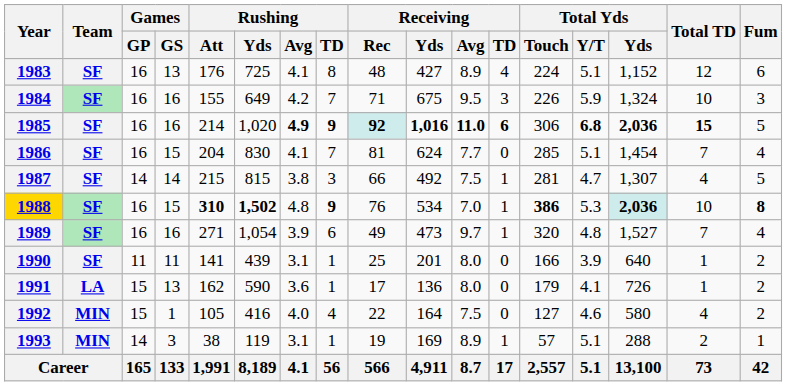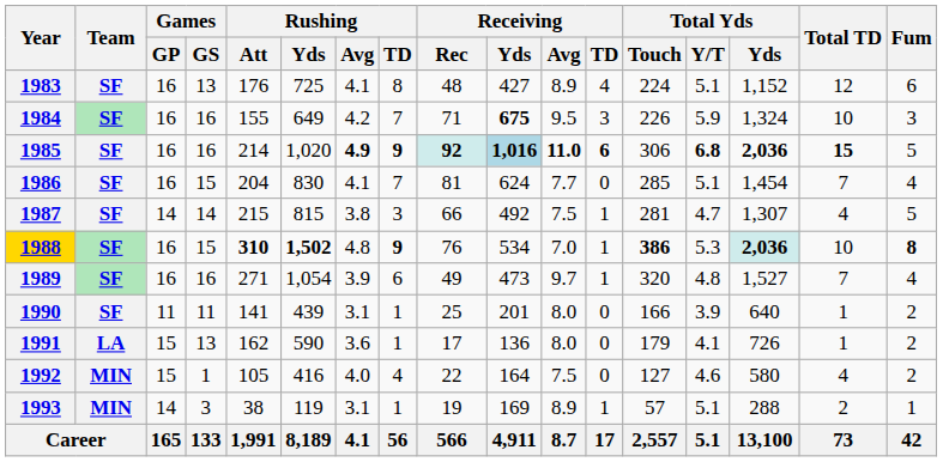 <table class="wikitable"style="text-align: center;">
 <tr>
 <th rowspan="2">Year</th>
 <th rowspan="2">Team</th>
 <th colspan="2">Games</th>
 <th colspan="4">Rushing</th>
 <th colspan="4">Receiving</th>
 <th colspan="3">Total Yds</th>
 <th rowspan="2">Total TD</th>
 <th rowspan="2">Fum</th>
 </tr>
 <tr>
 <th>GP</th>
 <th>GS</th>
 <th>Att</th>
 <th>Yds</th>
 <th>Avg</th>
 <th>TD</th>
 <th>Rec</th>
 <th>Yds</th>
 <th>Avg</th>
 <th>TD</th>
 <th>Touch</th>
 <th>Y/T</th>
 <th>Yds</th>
 </tr>
 <tr>
 <th><a href='#'>1983</a></th>
 <th><a href='#'>SF</a></th>
 <td>16</td>
 <td>13</td>
 <td>176</td>
 <td>725</td>
 <td>4.1</td>
 <td>8</td>
 <td>48</td>
 <td>427</td>
 <td>8.9</td>
 <td>4</td>
 <td>224</td>
 <td>5.1</td>
 <td>1,152</td>
 <td>12</td>
 <td>6</td>
 </tr>
 <tr>
 <th><a href='#'>1984</a></th>
 <th style="background:#afe6ba; width:3em;"><a href='#'>SF</a></th>
 <td>16</td>
 <td>16</td>
 <td>155</td>
 <td>649</td>
 <td>4.2</td>
 <td>7</td>
 <td>71</td>
-<td>675</td>
+<td><strong>675</strong></td>
 <td>9.5</td>
 <td>3</td>
 <td>226</td>
 <td>5.9</td>
 <td>1,324</td>
 <td>10</td>
 <td>3</td>
 </tr>
 <tr>
 <th><a href='#'>1985</a></th>
 <th><a href='#'>SF</a></th>
 <td>16</td>
 <td>16</td>
 <td>214</td>
 <td>1,020</td>
 <td><strong>4.9</strong></td>
 <td><strong>9</strong></td>
 <td style="background:#cfecec; width:3em;"><strong>92</strong></td>
-<td><strong>1,016</strong></td>
+<td style="background: lightblue;"><strong>1,016</strong></td>
 <td><strong>11.0</strong></td>
 <td><strong>6</strong></td>
 <td>306</td>
 <td><strong>6.8</strong></td>
 <td><strong>2,036</strong></td>
 <td><strong>15</strong></td>
 <td>5</td>
 </tr>
 <tr>
 <th><a href='#'>1986</a></th>
 <th><a href='#'>SF</a></th>
 <td>16</td>
 <td>15</td>
 <td>204</td>
 <td>830</td>
 <td>4.1</td>
 <td>7</td>
 <td>81</td>
 <td>624</td>
 <td>7.7</td>
 <td>0</td>
 <td>285</td>
 <td>5.1</td>
 <td>1,454</td>
 <td>7</td>
 <td>4</td>
 </tr>
 <tr>
 <th><a href='#'>1987</a></th>
 <th><a href='#'>SF</a></th>
 <td>14</td>
 <td>14</td>
 <td>215</td>
 <td>815</td>
 <td>3.8</td>
 <td>3</td>
 <td>66</td>
 <td>492</td>
 <td>7.5</td>
 <td>1</td>
 <td>281</td>
 <td>4.7</td>
 <td>1,307</td>
 <td>4</td>
 <td>5</td>
 </tr>
 <tr>
 <th style="background:#ffd700; width:3em;"><a href='#'>1988</a></th>
 <th style="background:#afe6ba; width:3em;"><a href='#'>SF</a></th>
 <td>16</td>
 <td>15</td>
 <td><strong>310</strong></td>
 <td><strong>1,502</strong></td>
 <td>4.8</td>
 <td><strong>9</strong></td>
 <td>76</td>
 <td>534</td>
 <td>7.0</td>
 <td>1</td>
 <td><strong>386</strong></td>
 <td>5.3</td>
 <td style="background:#cfecec; width:3em;"><strong>2,036</strong></td>
 <td>10</td>
 <td><strong>8</strong></td>
 </tr>
 <tr>
 <th><a href='#'>1989</a></th>
 <th style="background:#afe6ba; width:3em;"><a href='#'>SF</a></th>
 <td>16</td>
 <td>16</td>
 <td>271</td>
 <td>1,054</td>
 <td>3.9</td>
 <td>6</td>
 <td>49</td>
 <td>473</td>
 <td>9.7</td>
 <td>1</td>
 <td>320</td>
 <td>4.8</td>
 <td>1,527</td>
 <td>7</td>
 <td>4</td>
 </tr>
 <tr>
 <th><a href='#'>1990</a></th>
 <th><a href='#'>SF</a></th>
 <td>11</td>
 <td>11</td>
 <td>141</td>
 <td>439</td>
 <td>3.1</td>
 <td>1</td>
 <td>25</td>
 <td>201</td>
 <td>8.0</td>
 <td>0</td>
 <td>166</td>
 <td>3.9</td>
 <td>640</td>
 <td>1</td>
 <td>2</td>
 </tr>
 <tr>
 <th><a href='#'>1991</a></th>
 <th><a href='#'>LA</a></th>
 <td>15</td>
 <td>13</td>
 <td>162</td>
 <td>590</td>
 <td>3.6</td>
 <td>1</td>
 <td>17</td>
 <td>136</td>
 <td>8.0</td>
 <td>0</td>
 <td>179</td>
 <td>4.1</td>
 <td>726</td>
 <td>1</td>
 <td>2</td>
 </tr>
 <tr>
 <th><a href='#'>1992</a></th>
 <th><a href='#'>MIN</a></th>
 <td>15</td>
 <td>1</td>
 <td>105</td>
 <td>416</td>
 <td>4.0</td>
 <td>4</td>
 <td>22</td>
 <td>164</td>
 <td>7.5</td>
 <td>0</td>
 <td>127</td>
 <td>4.6</td>
 <td>580</td>
 <td>4</td>
 <td>2</td>
 </tr>
 <tr>
 <th><a href='#'>1993</a></th>
 <th><a href='#'>MIN</a></th>
 <td>14</td>
 <td>3</td>
 <td>38</td>
 <td>119</td>
 <td>3.1</td>
 <td>1</td>
 <td>19</td>
 <td>169</td>
 <td>8.9</td>
 <td>1</td>
 <td>57</td>
 <td>5.1</td>
 <td>288</td>
 <td>2</td>
 <td>1</td>
 </tr>
 <tr>
 <th colspan="2">Career</th>
 <th>165</th>
 <th>133</th>
 <th>1,991</th>
 <th>8,189</th>
 <th>4.1</th>
 <th>56</th>
 <th>566</th>
 <th>4,911</th>
 <th>8.7</th>
 <th>17</th>
 <th>2,557</th>
 <th>5.1</th>
 <th>13,100</th>
 <th>73</th>
 <th>42</th>
 </tr>
 </table>
